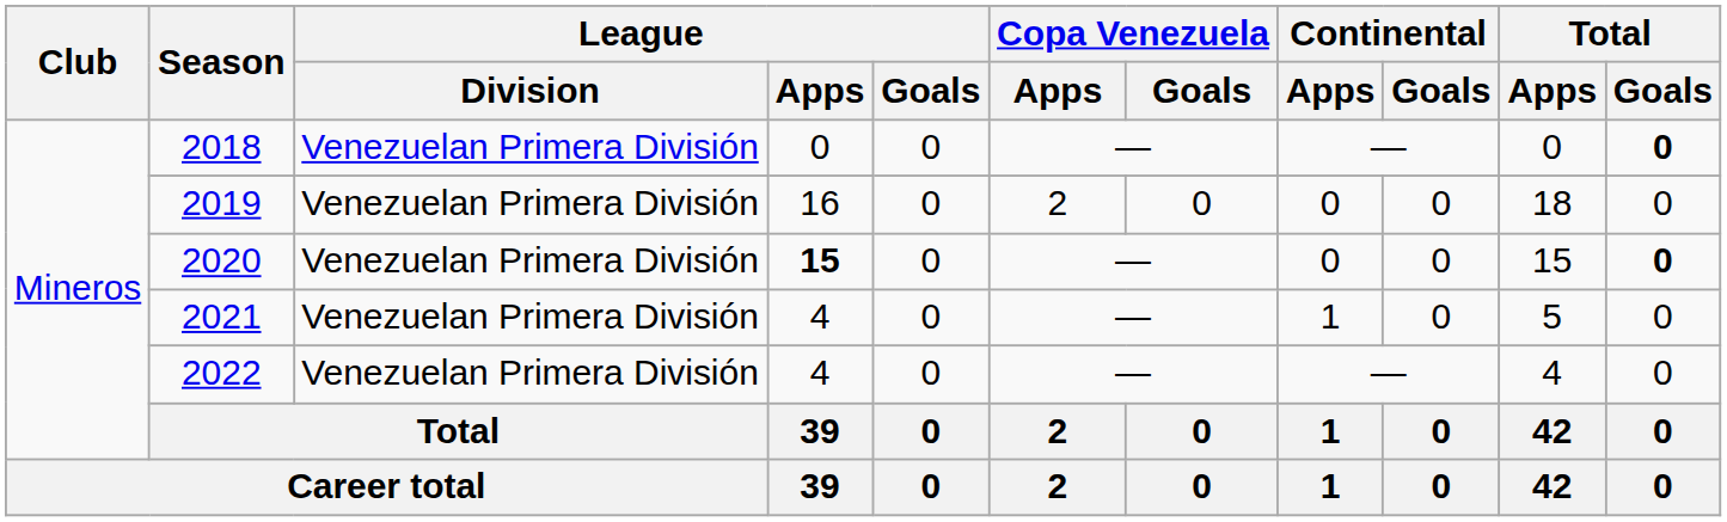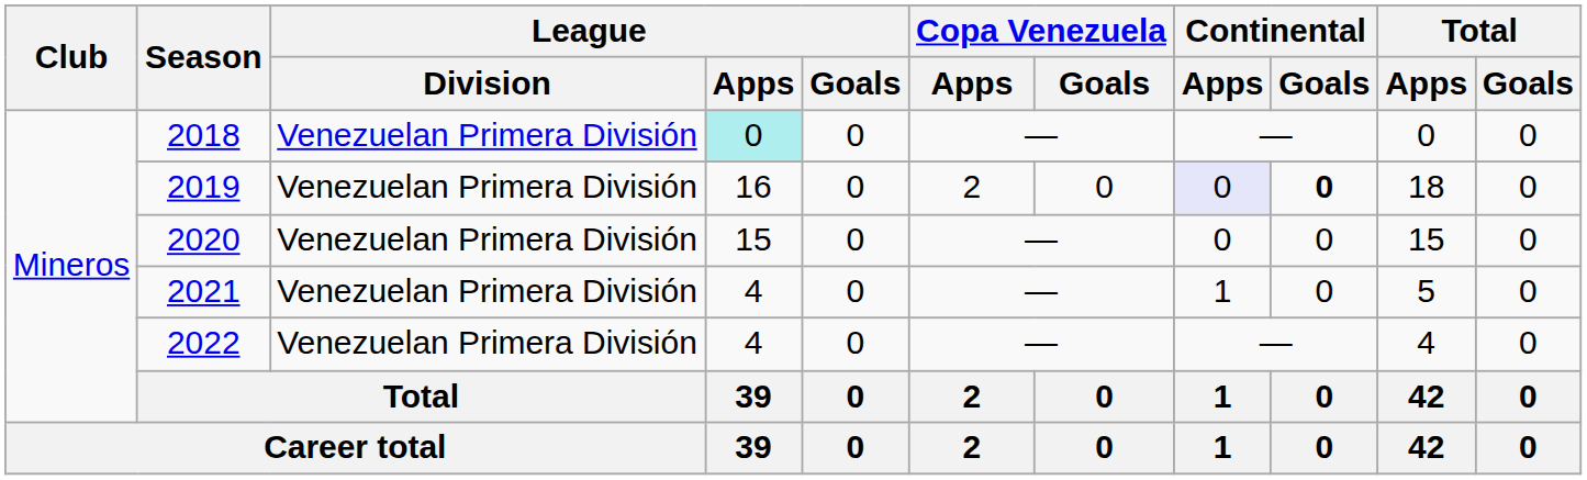 <table class="wikitable" style="text-align:center">
 <tr>
 <th rowspan="2">Club</th>
 <th rowspan="2">Season</th>
 <th colspan="3">League</th>
 <th colspan="2"><a href='#'>Copa Venezuela</a></th>
 <th colspan="2">Continental</th>
 <th colspan="2">Total</th>
 </tr>
 <tr>
 <th>Division</th>
 <th>Apps</th>
 <th>Goals</th>
 <th>Apps</th>
 <th>Goals</th>
 <th>Apps</th>
 <th>Goals</th>
 <th>Apps</th>
 <th>Goals</th>
 </tr>
 <tr>
 <td rowspan="6"><a href='#'>Mineros</a></td>
 <td><a href='#'>2018</a></td>
 <td><a href='#'>Venezuelan Primera División</a></td>
-<td>0</td>
+<td style="background: paleturquoise;">0</td>
 <td>0</td>
 <td colspan="2">—</td>
 <td colspan="2">—</td>
 <td>0</td>
-<td><strong>0</strong></td>
+<td>0</td>
 </tr>
 <tr>
 <td><a href='#'>2019</a></td>
 <td>Venezuelan Primera División</td>
 <td>16</td>
 <td>0</td>
 <td>2</td>
 <td>0</td>
-<td>0</td>
-<td>0</td>
+<td style="background: lavender;">0</td>
+<td><strong>0</strong></td>
 <td>18</td>
 <td>0</td>
 </tr>
 <tr>
 <td><a href='#'>2020</a></td>
 <td>Venezuelan Primera División</td>
-<td><strong>15</strong></td>
+<td>15</td>
 <td>0</td>
 <td colspan="2">—</td>
 <td>0</td>
 <td>0</td>
 <td>15</td>
-<td><strong>0</strong></td>
+<td>0</td>
 </tr>
 <tr>
 <td><a href='#'>2021</a></td>
 <td>Venezuelan Primera División</td>
 <td>4</td>
 <td>0</td>
 <td colspan="2">—</td>
 <td>1</td>
 <td>0</td>
 <td>5</td>
 <td>0</td>
 </tr>
 <tr>
 <td><a href='#'>2022</a></td>
 <td>Venezuelan Primera División</td>
 <td>4</td>
 <td>0</td>
 <td colspan="2">—</td>
 <td colspan="2">—</td>
 <td>4</td>
 <td>0</td>
 </tr>
 <tr>
 <th colspan="2">Total</th>
 <th>39</th>
 <th>0</th>
 <th>2</th>
 <th>0</th>
 <th>1</th>
 <th>0</th>
 <th>42</th>
 <th>0</th>
 </tr>
 <tr>
 <th colspan="3">Career total</th>
 <th>39</th>
 <th>0</th>
 <th>2</th>
 <th>0</th>
 <th>1</th>
 <th>0</th>
 <th>42</th>
 <th>0</th>
 </tr>
 </table>
